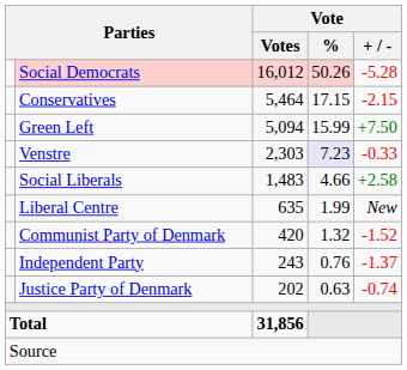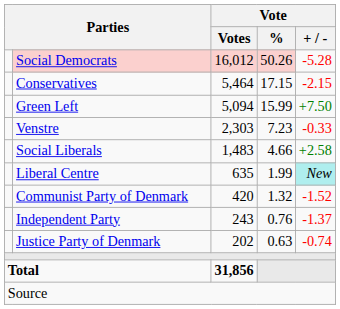 <table class="wikitable" style="text-align:right;">
 <tr>
 <th style="text-align:centre;" rowspan="2" colspan="2" width="225">Parties</th>
 <th colspan="3">Vote</th>
 </tr>
 <tr>
 <th width="15">Votes</th>
 <th width="15">%</th>
 <th width="15">+ / -</th>
 </tr>
 <tr>
 <td width="2" style="color:inherit;background:"></td>
 <td bgcolor=#fbd0ce  align="left"><a href='#'>Social Democrats</a></td>
 <td bgcolor=#fbd0ce>16,012</td>
 <td bgcolor=#fbd0ce>50.26</td>
 <td style=color:red;>-5.28</td>
 </tr>
 <tr>
 <td width="2" style="color:inherit;background:"></td>
 <td align="left"><a href='#'>Conservatives</a></td>
 <td>5,464</td>
 <td>17.15</td>
 <td style=color:red;>-2.15</td>
 </tr>
 <tr>
 <td width="2" style="color:inherit;background:"></td>
 <td align="left"><a href='#'>Green Left</a></td>
 <td>5,094</td>
 <td>15.99</td>
 <td style=color:green;>+7.50</td>
 </tr>
 <tr>
 <td width="2" style="color:inherit;background:"></td>
 <td align="left"><a href='#'>Venstre</a></td>
 <td>2,303</td>
-<td style="background: lavender;">7.23</td>
+<td>7.23</td>
 <td style=color:red;>-0.33</td>
 </tr>
 <tr>
 <td width="2" style="color:inherit;background:"></td>
 <td align="left"><a href='#'>Social Liberals</a></td>
 <td>1,483</td>
 <td>4.66</td>
 <td style=color:green;>+2.58</td>
 </tr>
 <tr>
 <td width="2" style="color:inherit;background:"></td>
 <td align="left"><a href='#'>Liberal Centre</a></td>
 <td>635</td>
 <td>1.99</td>
-<td><em>New</em></td>
+<td style="background: paleturquoise;"><em>New</em></td>
 </tr>
 <tr>
 <td width="2" style="color:inherit;background:"></td>
 <td align="left"><a href='#'>Communist Party of Denmark</a></td>
 <td>420</td>
 <td>1.32</td>
 <td style=color:red;>-1.52</td>
 </tr>
 <tr>
 <td width="2" style="color:inherit;background:"></td>
 <td align="left"><a href='#'>Independent Party</a></td>
 <td>243</td>
 <td>0.76</td>
 <td style=color:red;>-1.37</td>
 </tr>
 <tr>
 <td width="2" style="color:inherit;background:"></td>
 <td align="left"><a href='#'>Justice Party of Denmark</a></td>
 <td>202</td>
 <td>0.63</td>
 <td style=color:red;>-0.74</td>
 </tr>
 <tr>
 <td colspan="7" bgcolor="#E9E9E9"></td>
 </tr>
 <tr>
 <td align="left" colspan="2"><strong>Total</strong></td>
 <td><strong>31,856</strong></td>
 <td bgcolor="#E9E9E9" colspan="2"></td>
 </tr>
 <tr>
 <td align="left" colspan="6">Source</td>
 </tr>
 </table>
